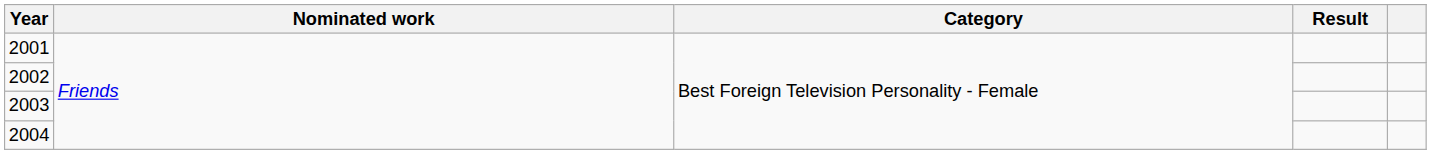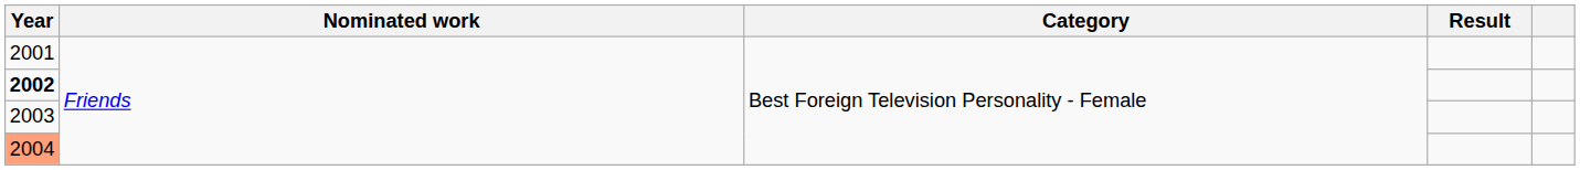 <table class="wikitable sortable">
 <tr>
 <th scope="col" style="width:1em;">Year</th>
 <th scope="col" style="width:39em;">Nominated work</th>
 <th scope="col" style="width:39em;">Category</th>
 <th scope="col" style="width:5em;">Result</th>
 <th scope="col" style="width:2em;" class="unsortable"></th>
 </tr>
 <tr>
 <td>2001</td>
 <td rowspan="4"><em><a href='#'>Friends</a></em></td>
 <td rowspan="4">Best Foreign Television Personality - Female</td>
 <td></td>
 <td></td>
 </tr>
 <tr>
-<td>2002</td>
+<td><strong>2002</strong></td>
 <td></td>
 <td></td>
 </tr>
 <tr>
 <td>2003</td>
 <td></td>
 <td></td>
 </tr>
 <tr>
-<td>2004</td>
+<td style="background: lightsalmon;">2004</td>
 <td></td>
 <td></td>
 </tr>
 </table>
